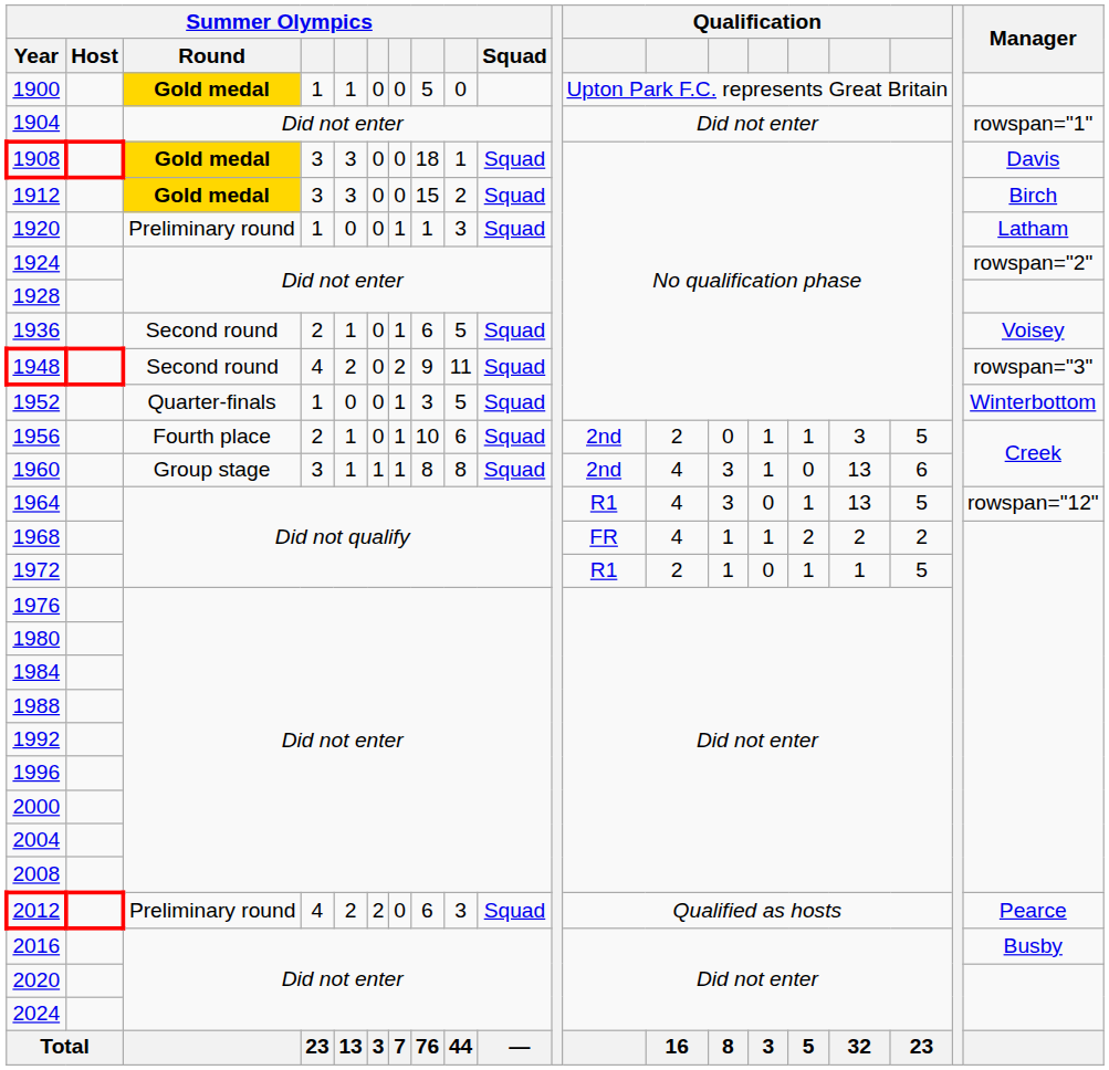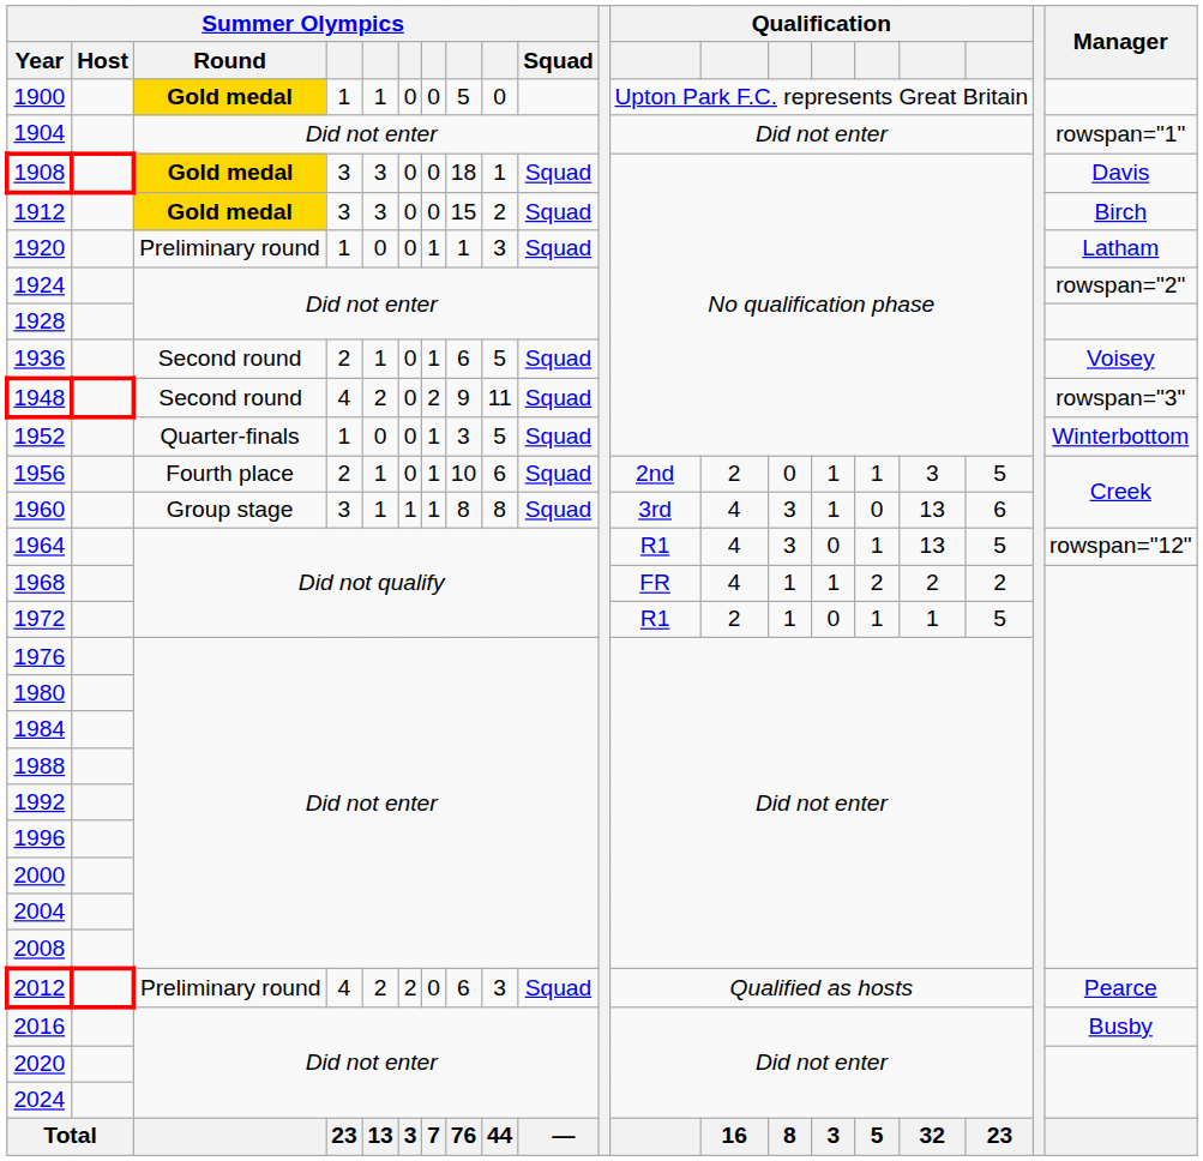 <table class="wikitable" style="text-align: center;font-size:100%;">
 <tr>
 <th colspan="10"><a href='#'>Summer Olympics</a></th>
 <th rowspan="31"></th>
 <th colspan="7">Qualification</th>
 <th rowspan="31"></th>
 <th rowspan="2">Manager</th>
 </tr>
 <tr>
 <th>Year</th>
 <th>Host</th>
 <th>Round</th>
 <th></th>
 <th></th>
 <th></th>
 <th></th>
 <th></th>
 <th></th>
 <th>Squad</th>
 <th></th>
 <th></th>
 <th></th>
 <th></th>
 <th></th>
 <th></th>
 <th></th>
 </tr>
 <tr>
 <td><a href='#'>1900</a></td>
 <td align="left"></td>
 <td bgcolor=gold><strong>Gold medal</strong></td>
 <td>1</td>
 <td>1</td>
 <td>0</td>
 <td>0</td>
 <td>5</td>
 <td>0</td>
 <td></td>
 <td colspan="7"><a href='#'>Upton Park F.C.</a> represents Great Britain</td>
 <td></td>
 </tr>
 <tr>
 <td><a href='#'>1904</a></td>
 <td align="left"></td>
 <td colspan="9"><em>Did not enter</em></td>
 <td colspan="7"><em>Did not enter</em></td>
 <td>rowspan="1"</td>
 </tr>
 <tr>
 <td style="border: 3px solid red" scope="row"><a href='#'>1908</a></td>
 <td style="border: 3px solid red" scope="row" align="left"></td>
 <td bgcolor=gold><strong>Gold medal</strong></td>
 <td>3</td>
 <td>3</td>
 <td>0</td>
 <td>0</td>
 <td>18</td>
 <td>1</td>
 <td><a href='#'>Squad</a></td>
 <td colspan="7" rowspan="8"><em>No qualification phase</em></td>
 <td> <a href='#'>Davis</a></td>
 </tr>
 <tr>
 <td><a href='#'>1912</a></td>
 <td align="left"></td>
 <td bgcolor=gold><strong>Gold medal</strong></td>
 <td>3</td>
 <td>3</td>
 <td>0</td>
 <td>0</td>
 <td>15</td>
 <td>2</td>
 <td><a href='#'>Squad</a></td>
 <td> <a href='#'>Birch</a></td>
 </tr>
 <tr>
 <td><a href='#'>1920</a></td>
 <td align="left"></td>
 <td>Preliminary round</td>
 <td>1</td>
 <td>0</td>
 <td>0</td>
 <td>1</td>
 <td>1</td>
 <td>3</td>
 <td><a href='#'>Squad</a></td>
 <td> <a href='#'>Latham</a></td>
 </tr>
 <tr>
 <td><a href='#'>1924</a></td>
 <td align="left"></td>
 <td colspan="9" rowspan="2"><em>Did not enter</em></td>
 <td>rowspan="2"</td>
 </tr>
 <tr>
 <td><a href='#'>1928</a></td>
 <td align="left"></td>
 </tr>
 <tr>
 <td><a href='#'>1936</a></td>
 <td align="left"></td>
 <td>Second round</td>
 <td>2</td>
 <td>1</td>
 <td>0</td>
 <td>1</td>
 <td>6</td>
 <td>5</td>
 <td><a href='#'>Squad</a></td>
 <td> <a href='#'>Voisey</a></td>
 </tr>
 <tr>
 <td style="border: 3px solid red" scope="row"><a href='#'>1948</a></td>
 <td style="border: 3px solid red" scope="row" align="left"></td>
 <td>Second round</td>
 <td>4</td>
 <td>2</td>
 <td>0</td>
 <td>2</td>
 <td>9</td>
 <td>11</td>
 <td><a href='#'>Squad</a></td>
 <td>rowspan="3"</td>
 </tr>
 <tr>
 <td><a href='#'>1952</a></td>
 <td align="left"></td>
 <td>Quarter-finals</td>
 <td>1</td>
 <td>0</td>
 <td>0</td>
 <td>1</td>
 <td>3</td>
 <td>5</td>
 <td><a href='#'>Squad</a></td>
 <td> <a href='#'>Winterbottom</a></td>
 </tr>
 <tr>
 <td><a href='#'>1956</a></td>
 <td align="left"></td>
 <td>Fourth place</td>
 <td>2</td>
 <td>1</td>
 <td>0</td>
 <td>1</td>
 <td>10</td>
 <td>6</td>
 <td><a href='#'>Squad</a></td>
 <td><a href='#'>2nd</a></td>
 <td>2</td>
 <td>0</td>
 <td>1</td>
 <td>1</td>
 <td>3</td>
 <td>5</td>
 <td rowspan="2"> <a href='#'>Creek</a></td>
 </tr>
 <tr>
 <td><a href='#'>1960</a></td>
 <td align="left"></td>
 <td>Group stage</td>
 <td>3</td>
 <td>1</td>
 <td>1</td>
 <td>1</td>
 <td>8</td>
 <td>8</td>
 <td><a href='#'>Squad</a></td>
-<td><a href='#'>2nd</a></td>
+<td><a href='#'>3rd</a></td>
 <td>4</td>
 <td>3</td>
 <td>1</td>
 <td>0</td>
 <td>13</td>
 <td>6</td>
 </tr>
 <tr>
 <td><a href='#'>1964</a></td>
 <td align="left"></td>
 <td colspan="9" rowspan="3"><em>Did not qualify</em></td>
 <td><a href='#'>R1</a></td>
 <td>4</td>
 <td>3</td>
 <td>0</td>
 <td>1</td>
 <td>13</td>
 <td>5</td>
 <td>rowspan="12"</td>
 </tr>
 <tr>
 <td><a href='#'>1968</a></td>
 <td align="left"></td>
 <td><a href='#'>FR</a></td>
 <td>4</td>
 <td>1</td>
 <td>1</td>
 <td>2</td>
 <td>2</td>
 <td>2</td>
 </tr>
 <tr>
 <td><a href='#'>1972</a></td>
 <td align="left"></td>
 <td><a href='#'>R1</a></td>
 <td>2</td>
 <td>1</td>
 <td>0</td>
 <td>1</td>
 <td>1</td>
 <td>5</td>
 </tr>
 <tr>
 <td><a href='#'>1976</a></td>
 <td align="left"></td>
 <td colspan="9" rowspan="9"><em>Did not enter</em></td>
 <td colspan="7" rowspan="9"><em>Did not enter</em></td>
 </tr>
 <tr>
 <td><a href='#'>1980</a></td>
 <td align="left"></td>
 </tr>
 <tr>
 <td><a href='#'>1984</a></td>
 <td align="left"></td>
 </tr>
 <tr>
 <td><a href='#'>1988</a></td>
 <td align="left"></td>
 </tr>
 <tr>
 <td><a href='#'>1992</a></td>
 <td align="left"></td>
 </tr>
 <tr>
 <td><a href='#'>1996</a></td>
 <td align="left"></td>
 </tr>
 <tr>
 <td><a href='#'>2000</a></td>
 <td align="left"></td>
 </tr>
 <tr>
 <td><a href='#'>2004</a></td>
 <td align="left"></td>
 </tr>
 <tr>
 <td><a href='#'>2008</a></td>
 <td align="left"></td>
 </tr>
 <tr>
 <td style="border: 3px solid red" scope="row"><a href='#'>2012</a></td>
 <td style="border: 3px solid red" scope="row" align="left"></td>
 <td>Preliminary round</td>
 <td>4</td>
 <td>2</td>
 <td>2</td>
 <td>0</td>
 <td>6</td>
 <td>3</td>
 <td><a href='#'>Squad</a></td>
 <td colspan="7"><em>Qualified as hosts</em></td>
 <td> <a href='#'>Pearce</a></td>
 </tr>
 <tr>
 <td><a href='#'>2016</a></td>
 <td align="left"></td>
 <td colspan="9" rowspan="3"><em>Did not enter</em></td>
 <td colspan="7" rowspan="3"><em>Did not enter</em></td>
 <td> <a href='#'>Busby</a></td>
 </tr>
 <tr>
 <td><a href='#'>2020</a></td>
 <td align="left"></td>
 </tr>
 <tr>
 <td><a href='#'>2024</a></td>
 <td align="left"></td>
 </tr>
 <tr>
 <th colspan="2">Total</th>
 <th></th>
 <th>23</th>
 <th>13</th>
 <th>3</th>
 <th>7</th>
 <th>76</th>
 <th>44</th>
 <th colspan="2">—</th>
 <th></th>
 <th>16</th>
 <th>8</th>
 <th>3</th>
 <th>5</th>
 <th>32</th>
 <th>23</th>
 <th></th>
 </tr>
 </table>
